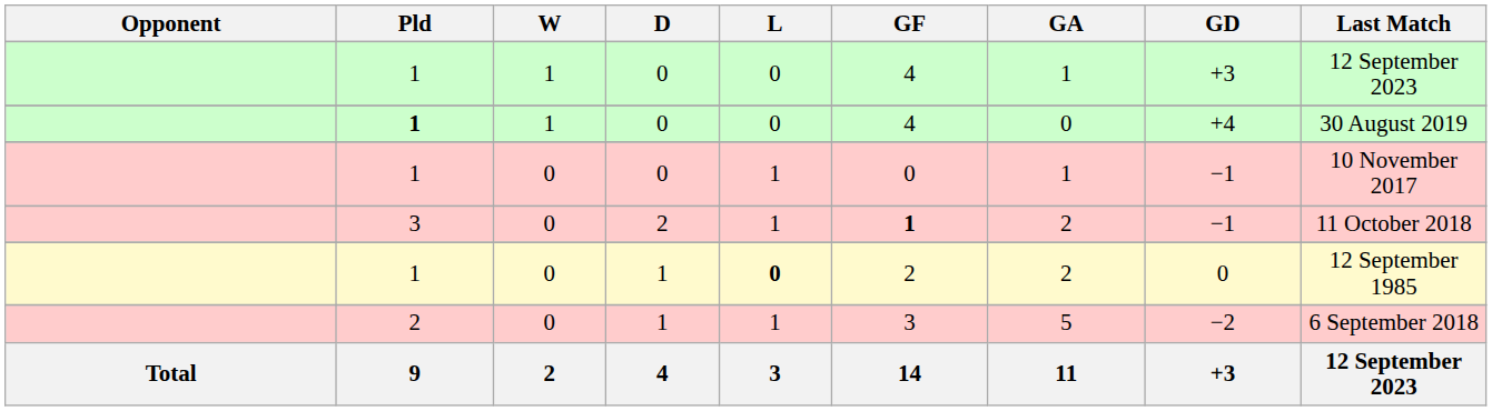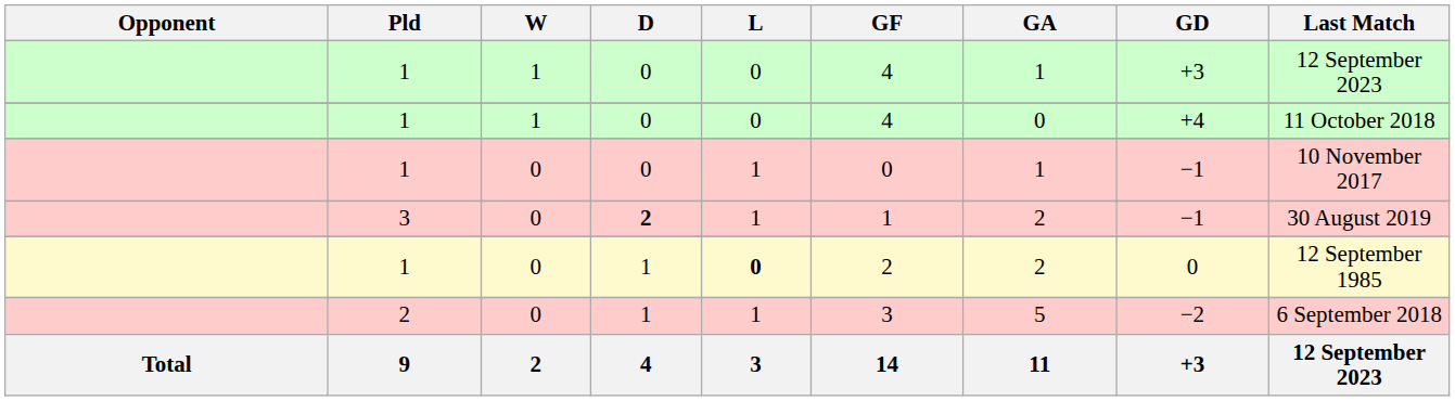 <table class="wikitable sortable" style="text-align: center">
 <tr>
 <th width=220>Opponent<br></th>
 <th width=100>Pld<br></th>
 <th width=70>W<br></th>
 <th width=70>D<br></th>
 <th width=70>L<br></th>
 <th width=100>GF<br></th>
 <th width=100>GA<br></th>
 <th width=100>GD<br></th>
 <th width=120>Last Match<br></th>
 </tr>
 <tr>
 </tr>
 <tr bgcolor="#CCFFCC">
 <td style="text-align:left;"></td>
 <td>1</td>
 <td>1</td>
 <td>0</td>
 <td>0</td>
 <td>4</td>
 <td>1</td>
 <td>+3</td>
 <td>12 September 2023</td>
 </tr>
 <tr>
 </tr>
 <tr bgcolor="#CCFFCC">
 <td style="text-align:left;"></td>
-<td><strong>1</strong></td>
+<td>1</td>
 <td>1</td>
 <td>0</td>
 <td>0</td>
 <td>4</td>
 <td>0</td>
 <td>+4</td>
-<td>30 August 2019</td>
+<td>11 October 2018</td>
 </tr>
 <tr>
 </tr>
 <tr bgcolor="#FFCCCC">
 <td style="text-align:left;"></td>
 <td>1</td>
 <td>0</td>
 <td>0</td>
 <td>1</td>
 <td>0</td>
 <td>1</td>
 <td>−1</td>
 <td>10 November 2017</td>
 </tr>
 <tr>
 </tr>
 <tr bgcolor="#FFCCCC">
 <td style="text-align:left;"></td>
 <td>3</td>
 <td>0</td>
-<td>2</td>
+<td><strong>2</strong></td>
 <td>1</td>
-<td><strong>1</strong></td>
+<td>1</td>
 <td>2</td>
 <td>−1</td>
-<td>11 October 2018</td>
+<td>30 August 2019</td>
 </tr>
 <tr>
 </tr>
 <tr bgcolor="#FFFACD">
 <td style="text-align:left;"></td>
 <td>1</td>
 <td>0</td>
 <td>1</td>
 <td><strong>0</strong></td>
 <td>2</td>
 <td>2</td>
 <td>0</td>
 <td>12 September 1985</td>
 </tr>
 <tr>
 </tr>
 <tr bgcolor="#FFCCCC">
 <td style="text-align:left;"></td>
 <td>2</td>
 <td>0</td>
 <td>1</td>
 <td>1</td>
 <td>3</td>
 <td>5</td>
 <td>−2</td>
 <td>6 September 2018</td>
 </tr>
 <tr class="sortbottom">
 <th>Total</th>
 <th>9</th>
 <th>2</th>
 <th>4</th>
 <th>3</th>
 <th>14</th>
 <th>11</th>
 <th>+3</th>
 <th>12 September 2023</th>
 </tr>
 </table>
